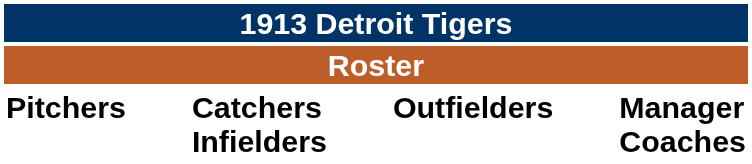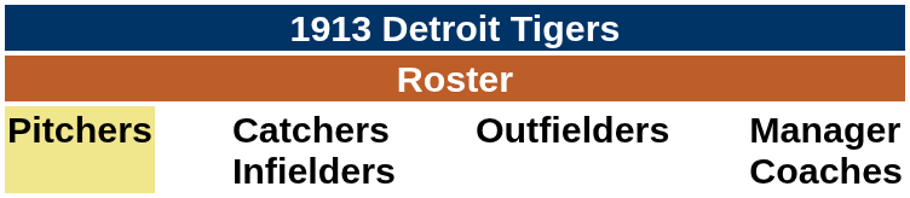 <table class="toccolours" style="font-size: 95%;">
 <tr>
 <th colspan="10" style="background-color: #003366; color: white; text-align: center;">1913 Detroit Tigers</th>
 </tr>
 <tr>
 <td colspan="10" style="background-color: #bd5d29; color: white; text-align: center;"><strong>Roster</strong></td>
 </tr>
 <tr>
-<td valign="top"><strong>Pitchers</strong><br>                  </td>
+<td valign="top" style="background: khaki;"><strong>Pitchers</strong><br>                  </td>
 <td width="25px"></td>
 <td valign="top"><strong>Catchers</strong><br>    <strong>Infielders</strong>             </td>
 <td width="25px"></td>
 <td valign="top"><strong>Outfielders</strong><br>      </td>
 <td width="25px"></td>
 <td valign="top"><strong>Manager</strong><br> <strong>Coaches</strong> </td>
 </tr>
 </table>
